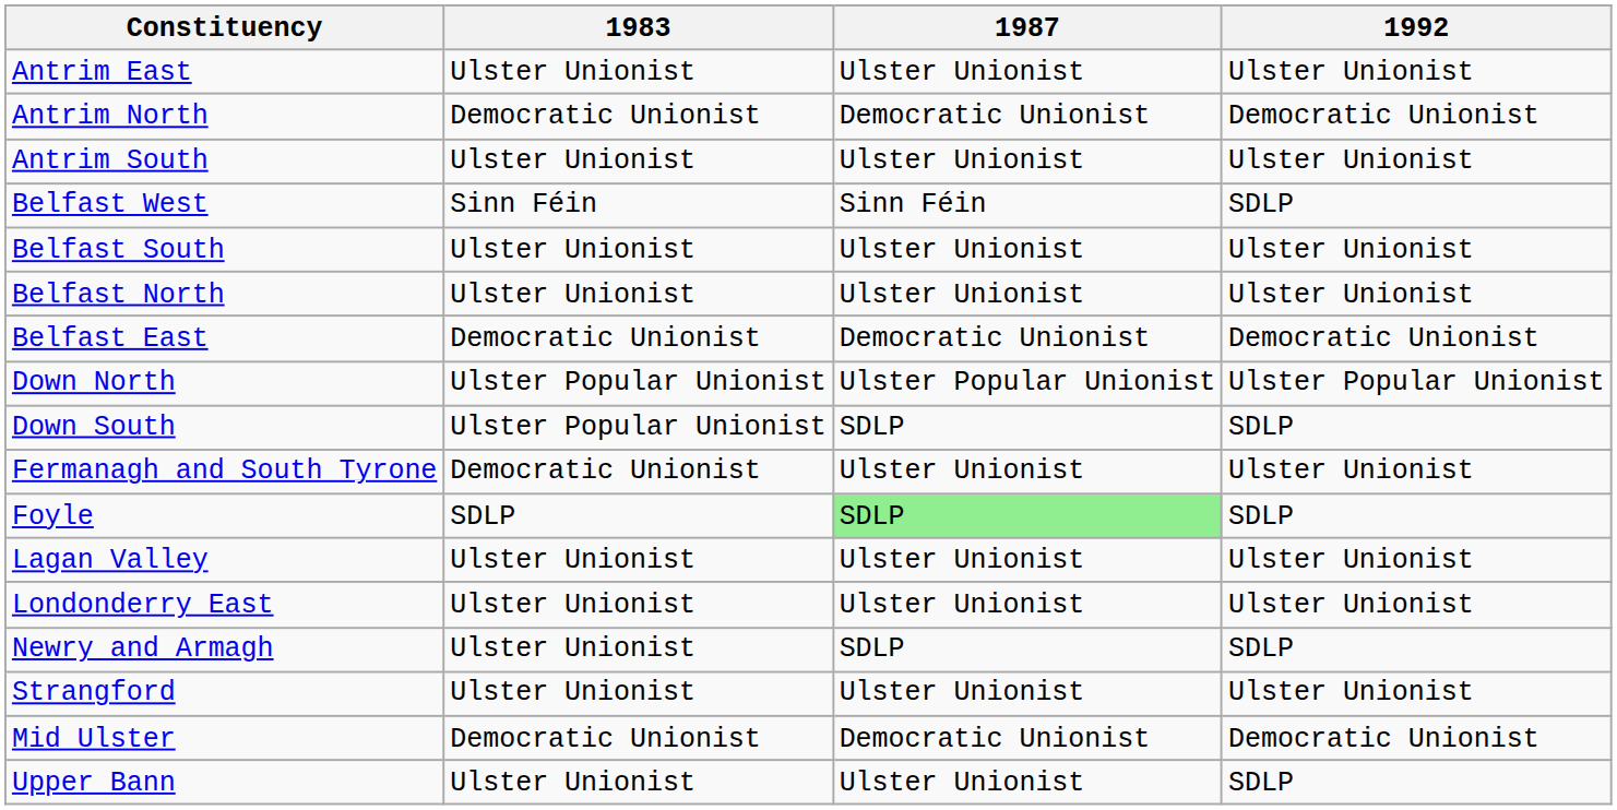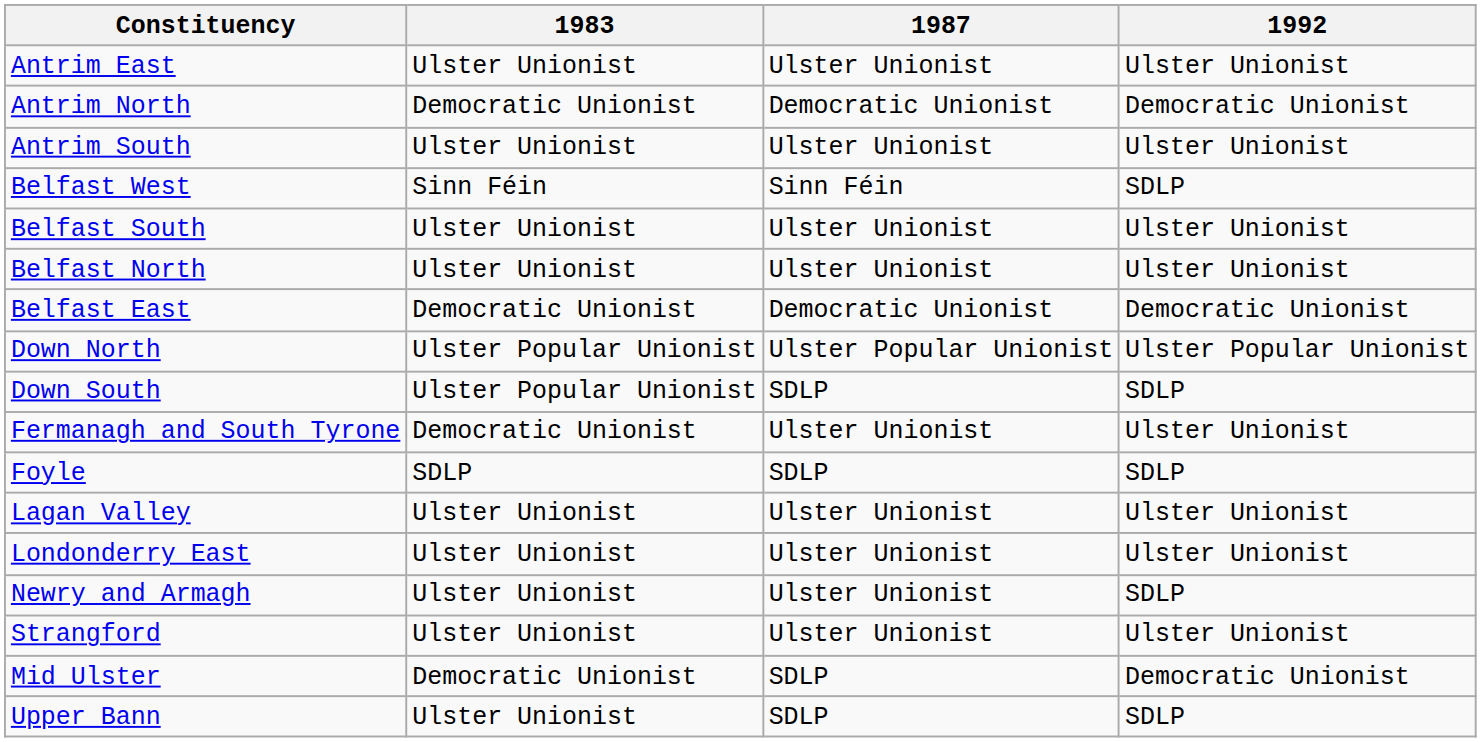 <table class="wikitable">
 <tr>
 <th>Constituency</th>
 <th>1983</th>
 <th>1987</th>
 <th>1992</th>
 </tr>
 <tr>
 <td><a href='#'>Antrim East</a></td>
 <td bgcolor=>Ulster Unionist</td>
 <td bgcolor=>Ulster Unionist</td>
 <td bgcolor=>Ulster Unionist</td>
 </tr>
 <tr>
 <td><a href='#'>Antrim North</a></td>
 <td bgcolor=>Democratic Unionist</td>
 <td bgcolor=>Democratic Unionist</td>
 <td bgcolor=>Democratic Unionist</td>
 </tr>
 <tr>
 <td><a href='#'>Antrim South</a></td>
 <td bgcolor=>Ulster Unionist</td>
 <td bgcolor=>Ulster Unionist</td>
 <td bgcolor=>Ulster Unionist</td>
 </tr>
 <tr>
 <td><a href='#'>Belfast West</a></td>
 <td>Sinn Féin</td>
 <td>Sinn Féin</td>
 <td>SDLP</td>
 </tr>
 <tr>
 <td><a href='#'>Belfast South</a></td>
 <td>Ulster Unionist</td>
 <td>Ulster Unionist</td>
 <td>Ulster Unionist</td>
 </tr>
 <tr>
 <td><a href='#'>Belfast North</a></td>
 <td>Ulster Unionist</td>
 <td>Ulster Unionist</td>
 <td>Ulster Unionist</td>
 </tr>
 <tr>
 <td><a href='#'>Belfast East</a></td>
 <td bgcolor=>Democratic Unionist</td>
 <td bgcolor=>Democratic Unionist</td>
 <td>Democratic Unionist</td>
 </tr>
 <tr>
 <td><a href='#'>Down North</a></td>
 <td>Ulster Popular Unionist</td>
 <td>Ulster Popular Unionist</td>
 <td>Ulster Popular Unionist</td>
 </tr>
 <tr>
 <td><a href='#'>Down South</a></td>
 <td>Ulster Popular Unionist</td>
 <td>SDLP</td>
 <td>SDLP</td>
 </tr>
 <tr>
 <td><a href='#'>Fermanagh and South Tyrone</a></td>
 <td bgcolor=>Democratic Unionist</td>
 <td>Ulster Unionist</td>
 <td>Ulster Unionist</td>
 </tr>
 <tr>
 <td><a href='#'>Foyle</a></td>
 <td>SDLP</td>
-<td style="background: lightgreen;">SDLP</td>
+<td>SDLP</td>
 <td>SDLP</td>
 </tr>
 <tr>
 <td><a href='#'>Lagan Valley</a></td>
 <td>Ulster Unionist</td>
 <td>Ulster Unionist</td>
 <td>Ulster Unionist</td>
 </tr>
 <tr>
 <td><a href='#'>Londonderry East</a></td>
 <td>Ulster Unionist</td>
 <td>Ulster Unionist</td>
 <td>Ulster Unionist</td>
 </tr>
 <tr>
 <td><a href='#'>Newry and Armagh</a></td>
 <td>Ulster Unionist</td>
-<td>SDLP</td>
+<td>Ulster Unionist</td>
 <td>SDLP</td>
 </tr>
 <tr>
 <td><a href='#'>Strangford</a></td>
 <td>Ulster Unionist</td>
 <td>Ulster Unionist</td>
 <td>Ulster Unionist</td>
 </tr>
 <tr>
 <td><a href='#'>Mid Ulster</a></td>
 <td bgcolor=>Democratic Unionist</td>
-<td bgcolor=>Democratic Unionist</td>
+<td>SDLP</td>
 <td bgcolor=>Democratic Unionist</td>
 </tr>
 <tr>
 <td><a href='#'>Upper Bann</a></td>
 <td>Ulster Unionist</td>
-<td>Ulster Unionist</td>
+<td>SDLP</td>
 <td>SDLP</td>
 </tr>
 </table>
